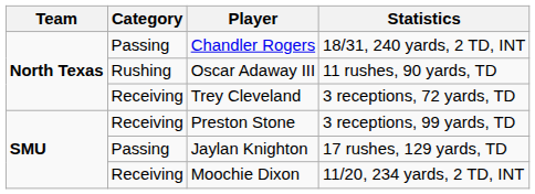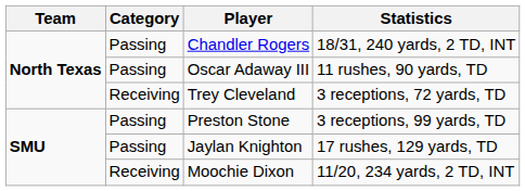 <table class="wikitable" style="float: right;">
 <tr>
 <th>Team</th>
 <th>Category</th>
 <th>Player</th>
 <th>Statistics</th>
 </tr>
 <tr>
 <td rowspan=3><strong>North Texas</strong></td>
 <td>Passing</td>
 <td><a href='#'>Chandler Rogers</a></td>
 <td>18/31, 240 yards, 2 TD, INT</td>
 </tr>
 <tr>
-<td>Rushing</td>
+<td>Passing</td>
 <td>Oscar Adaway III</td>
 <td>11 rushes, 90 yards, TD</td>
 </tr>
 <tr>
 <td>Receiving</td>
 <td>Trey Cleveland</td>
 <td>3 receptions, 72 yards, TD</td>
 </tr>
 <tr>
 <td rowspan=3><strong>SMU</strong></td>
-<td>Receiving</td>
+<td>Passing</td>
 <td>Preston Stone</td>
 <td>3 receptions, 99 yards, TD</td>
 </tr>
 <tr>
 <td>Passing</td>
 <td>Jaylan Knighton</td>
 <td>17 rushes, 129 yards, TD</td>
 </tr>
 <tr>
 <td>Receiving</td>
 <td>Moochie Dixon</td>
 <td>11/20, 234 yards, 2 TD, INT</td>
 </tr>
 </table>
